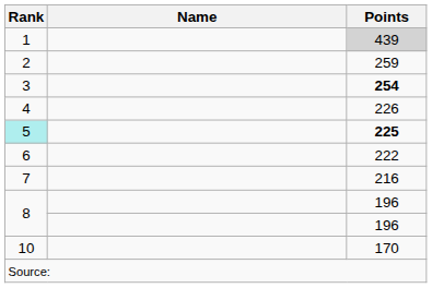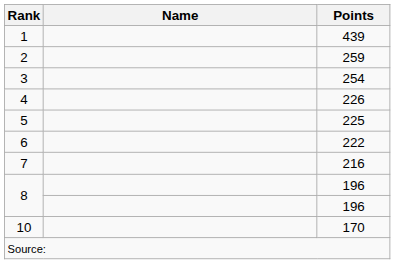 <table class="wikitable" style="font-size:95%;">
 <tr>
 <th>Rank</th>
 <th style="width: 20em">Name</th>
 <th style="width: 5em">Points</th>
 </tr>
 <tr>
 <td align="center">1</td>
 <td></td>
-<td align="center" style="background: lightgrey;">439</td>
+<td align="center">439</td>
 </tr>
 <tr>
 <td align="center">2</td>
 <td></td>
 <td align="center">259</td>
 </tr>
 <tr>
 <td align="center">3</td>
 <td></td>
-<td align="center"><strong>254</strong></td>
+<td align="center">254</td>
 </tr>
 <tr>
 <td align="center">4</td>
 <td></td>
 <td align="center">226</td>
 </tr>
 <tr>
-<td align="center" style="background: paleturquoise;">5</td>
+<td align="center">5</td>
 <td></td>
-<td align="center"><strong>225</strong></td>
+<td align="center">225</td>
 </tr>
 <tr>
 <td align="center">6</td>
 <td></td>
 <td align="center">222</td>
 </tr>
 <tr>
 <td align="center">7</td>
 <td></td>
 <td align="center">216</td>
 </tr>
 <tr>
 <td align="center" rowspan="2">8</td>
 <td></td>
 <td align="center">196</td>
 </tr>
 <tr>
 <td></td>
 <td align="center">196</td>
 </tr>
 <tr>
 <td align="center">10</td>
 <td></td>
 <td align="center">170</td>
 </tr>
 <tr>
 <td colspan="3"><small>Source:</small></td>
 </tr>
 </table>
